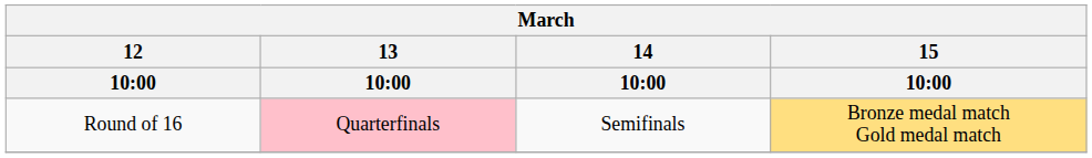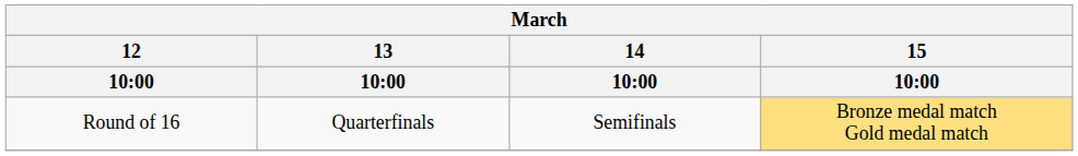 <table class="wikitable" style="margin: 1em auto; text-align:center;">
 <tr>
 <th colspan=5>March</th>
 </tr>
 <tr>
 <th width=200>12</th>
 <th width=200>13</th>
 <th width=200>14</th>
 <th width=250>15</th>
 </tr>
 <tr>
 <th>10:00</th>
 <th>10:00</th>
 <th>10:00</th>
 <th>10:00</th>
 </tr>
 <tr>
 <td>Round of 16</td>
-<td style="background: pink;">Quarterfinals</td>
+<td>Quarterfinals</td>
 <td>Semifinals</td>
 <td style="background:#ffdf80;">Bronze medal match<br>Gold medal match</td>
 </tr>
 <tr>
 </tr>
 </table>
